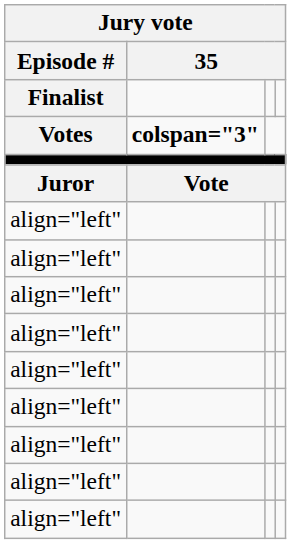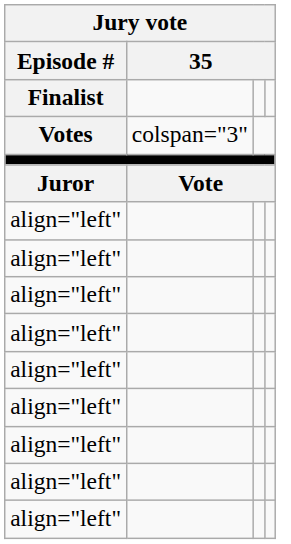 <table class="wikitable" style="text-align:center">
 <tr>
 <th colspan=4>Jury vote</th>
 </tr>
 <tr>
 <th>Episode #</th>
 <th colspan="3">35</th>
 </tr>
 <tr>
 <th align="left">Finalist</th>
 <td></td>
 <td></td>
 <td></td>
 </tr>
 <tr>
 <th>Votes</th>
-<td><strong>colspan="3" </strong></td>
+<td>colspan="3" </td>
 </tr>
 <tr>
 <th colspan="5" style="background:black;"></th>
 </tr>
 <tr>
 <th>Juror</th>
 <th colspan=3>Vote</th>
 </tr>
 <tr>
 <td>align="left" </td>
 <td></td>
 <td></td>
 <td></td>
 </tr>
 <tr>
 <td>align="left" </td>
 <td></td>
 <td></td>
 <td></td>
 </tr>
 <tr>
 <td>align="left" </td>
 <td></td>
 <td></td>
 <td></td>
 </tr>
 <tr>
 <td>align="left" </td>
 <td></td>
 <td></td>
 <td></td>
 </tr>
 <tr>
 <td>align="left" </td>
 <td></td>
 <td></td>
 <td></td>
 </tr>
 <tr>
 <td>align="left" </td>
 <td></td>
 <td></td>
 <td></td>
 </tr>
 <tr>
 <td>align="left" </td>
 <td></td>
 <td></td>
 <td></td>
 </tr>
 <tr>
 <td>align="left" </td>
 <td></td>
 <td></td>
 <td></td>
 </tr>
 <tr>
 <td>align="left" </td>
 <td></td>
 <td></td>
 <td></td>
 </tr>
 </table>
